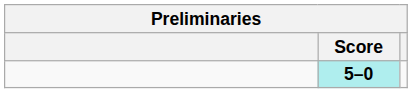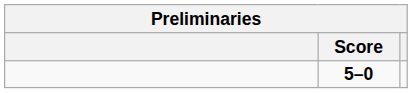 <table class="wikitable" style="text-align: center; font-size:90% ">
 <tr>
 <th colspan=3>Preliminaries</th>
 </tr>
 <tr>
 <th align="right" width="250"></th>
 <th width="60">Score</th>
 <th align=leftwidth="250"></th>
 </tr>
 <tr>
 <td align=left><strong></strong></td>
-<td style="background: paleturquoise;"><strong>5–0</strong></td>
+<td><strong>5–0</strong></td>
 <td align=left></td>
 </tr>
 </table>
